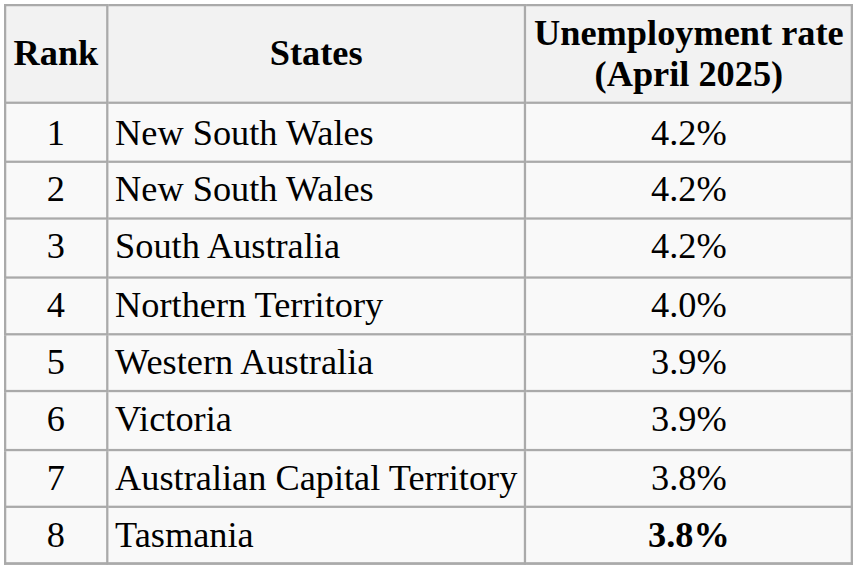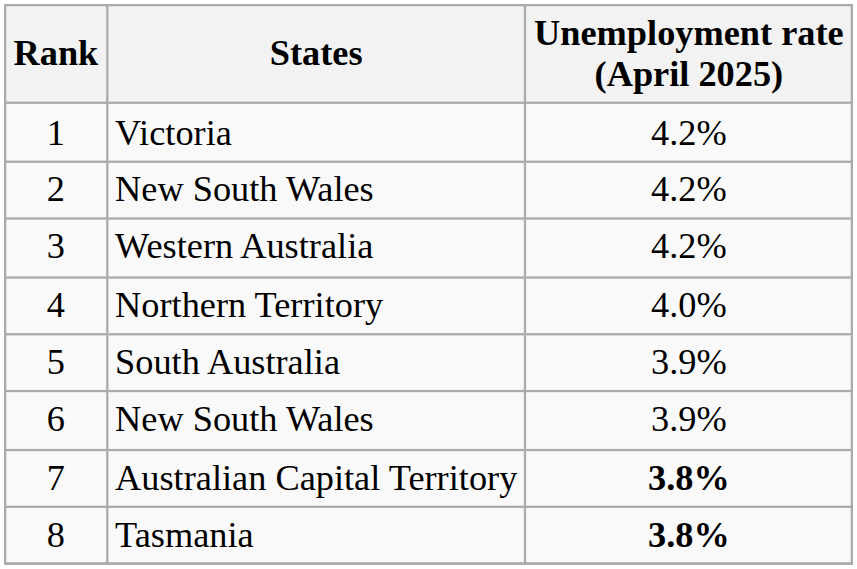 <table class="wikitable sortable" style="text-align:right;">
 <tr>
 <th style="width:2em;">Rank</th>
 <th>States</th>
 <th>Unemployment rate<br>(April 2025)</th>
 </tr>
 <tr>
 <td align="center">1</td>
-<td align="left">New South Wales</td>
+<td align="left">Victoria</td>
 <td align="center">4.2%</td>
 </tr>
 <tr>
 <td align="center">2</td>
 <td align="left">New South Wales</td>
 <td align="center">4.2%</td>
 </tr>
 <tr>
 <td align="center">3</td>
-<td align="left">South Australia</td>
+<td align="left">Western Australia</td>
 <td align="center">4.2%</td>
 </tr>
 <tr>
 <td align="center">4</td>
 <td align="left">Northern Territory</td>
 <td align="center">4.0%</td>
 </tr>
 <tr>
 <td align="center">5</td>
-<td align="left">Western Australia</td>
+<td align="left">South Australia</td>
 <td align="center">3.9%</td>
 </tr>
 <tr>
 <td align="center">6</td>
-<td align="left">Victoria</td>
+<td align="left">New South Wales</td>
 <td align="center">3.9%</td>
 </tr>
 <tr>
 <td align="center">7</td>
 <td align="left">Australian Capital Territory</td>
-<td align="center">3.8%</td>
+<td align="center"><strong>3.8%</strong></td>
 </tr>
 <tr>
 <td align="center">8</td>
 <td align="left">Tasmania</td>
 <td align="center"><strong>3.8%</strong></td>
 </tr>
 <tr>
 </tr>
 </table>
